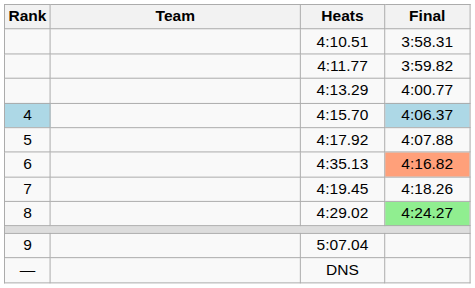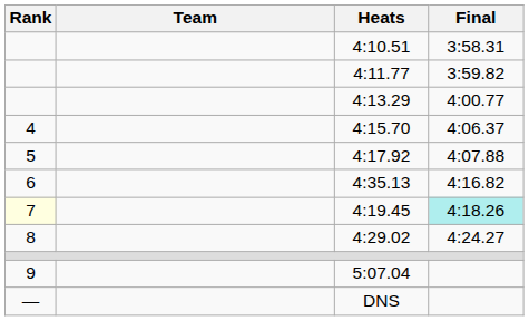 <table class=wikitable style="text-align:center">
 <tr>
 <th width=40>Rank</th>
 <th width=250>Team</th>
 <th width=80>Heats</th>
 <th width=80>Final</th>
 </tr>
 <tr>
 <td></td>
 <td align=left></td>
 <td>4:10.51</td>
 <td>3:58.31</td>
 </tr>
 <tr>
 <td></td>
 <td align=left></td>
 <td>4:11.77</td>
 <td>3:59.82</td>
 </tr>
 <tr>
 <td></td>
 <td align=left></td>
 <td>4:13.29</td>
 <td>4:00.77</td>
 </tr>
 <tr>
-<td style="background: lightblue;">4</td>
+<td>4</td>
 <td align=left></td>
 <td>4:15.70</td>
-<td style="background: lightblue;">4:06.37</td>
+<td>4:06.37</td>
 </tr>
 <tr>
 <td>5</td>
 <td align=left></td>
 <td>4:17.92</td>
 <td>4:07.88</td>
 </tr>
 <tr>
 <td>6</td>
 <td align=left></td>
 <td>4:35.13</td>
-<td style="background: lightsalmon;">4:16.82</td>
+<td>4:16.82</td>
 </tr>
 <tr>
-<td>7</td>
+<td style="background: lightyellow;">7</td>
 <td align=left></td>
 <td>4:19.45</td>
-<td>4:18.26</td>
+<td style="background: paleturquoise;">4:18.26</td>
 </tr>
 <tr>
 <td>8</td>
 <td align=left></td>
 <td>4:29.02</td>
-<td style="background: lightgreen;">4:24.27</td>
+<td>4:24.27</td>
 </tr>
 <tr bgcolor=#DDDDDD>
 <td colspan=4></td>
 </tr>
 <tr>
 <td>9</td>
 <td align=left></td>
 <td>5:07.04</td>
 <td></td>
 </tr>
 <tr>
 <td>—</td>
 <td align=left></td>
 <td>DNS</td>
 <td></td>
 </tr>
 </table>
